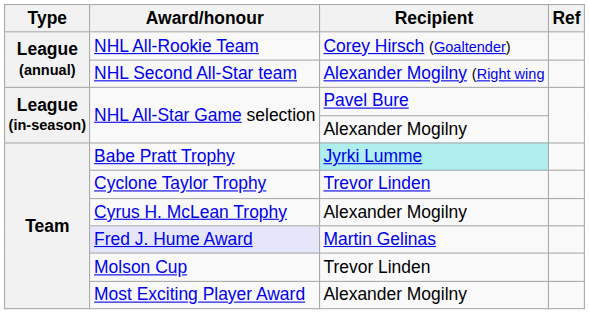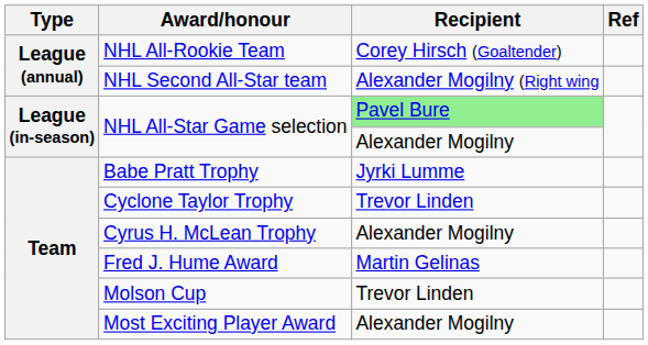 <table class="wikitable">
 <tr>
 <th scope="col">Type</th>
 <th scope="col">Award/honour</th>
 <th scope="col">Recipient</th>
 <th scope="col">Ref</th>
 </tr>
 <tr>
 <th scope="row" rowspan="2">League<br><small>(annual)</small></th>
 <td><a href='#'>NHL All-Rookie Team</a></td>
 <td><a href='#'>Corey Hirsch</a> <small>(<a href='#'>Goaltender</a>)</small></td>
 <td></td>
 </tr>
 <tr>
 <td><a href='#'>NHL Second All-Star team</a></td>
 <td><a href='#'>Alexander Mogilny</a> <small>(<a href='#'>Right wing</a></small></td>
 <td></td>
 </tr>
 <tr>
 <th scope="row" rowspan=2>League<br><small>(in-season)</small></th>
 <td rowspan=2><a href='#'>NHL All-Star Game</a> selection</td>
-<td><a href='#'>Pavel Bure</a></td>
+<td style="background: lightgreen;"><a href='#'>Pavel Bure</a></td>
 <td rowspan=2></td>
 </tr>
 <tr>
 <td>Alexander Mogilny</td>
 </tr>
 <tr>
 <th scope="row" rowspan="6">Team</th>
 <td><a href='#'>Babe Pratt Trophy</a></td>
-<td style="background: paleturquoise;"><a href='#'>Jyrki Lumme</a></td>
+<td><a href='#'>Jyrki Lumme</a></td>
 <td></td>
 </tr>
 <tr>
 <td><a href='#'>Cyclone Taylor Trophy</a></td>
 <td><a href='#'>Trevor Linden</a></td>
 <td></td>
 </tr>
 <tr>
 <td><a href='#'>Cyrus H. McLean Trophy</a></td>
 <td>Alexander Mogilny</td>
 <td></td>
 </tr>
 <tr>
-<td style="background: lavender;"><a href='#'>Fred J. Hume Award</a></td>
+<td><a href='#'>Fred J. Hume Award</a></td>
 <td><a href='#'>Martin Gelinas</a></td>
 <td></td>
 </tr>
 <tr>
 <td><a href='#'>Molson Cup</a></td>
 <td>Trevor Linden</td>
 <td></td>
 </tr>
 <tr>
 <td><a href='#'>Most Exciting Player Award</a></td>
 <td>Alexander Mogilny</td>
 <td></td>
 </tr>
 </table>
